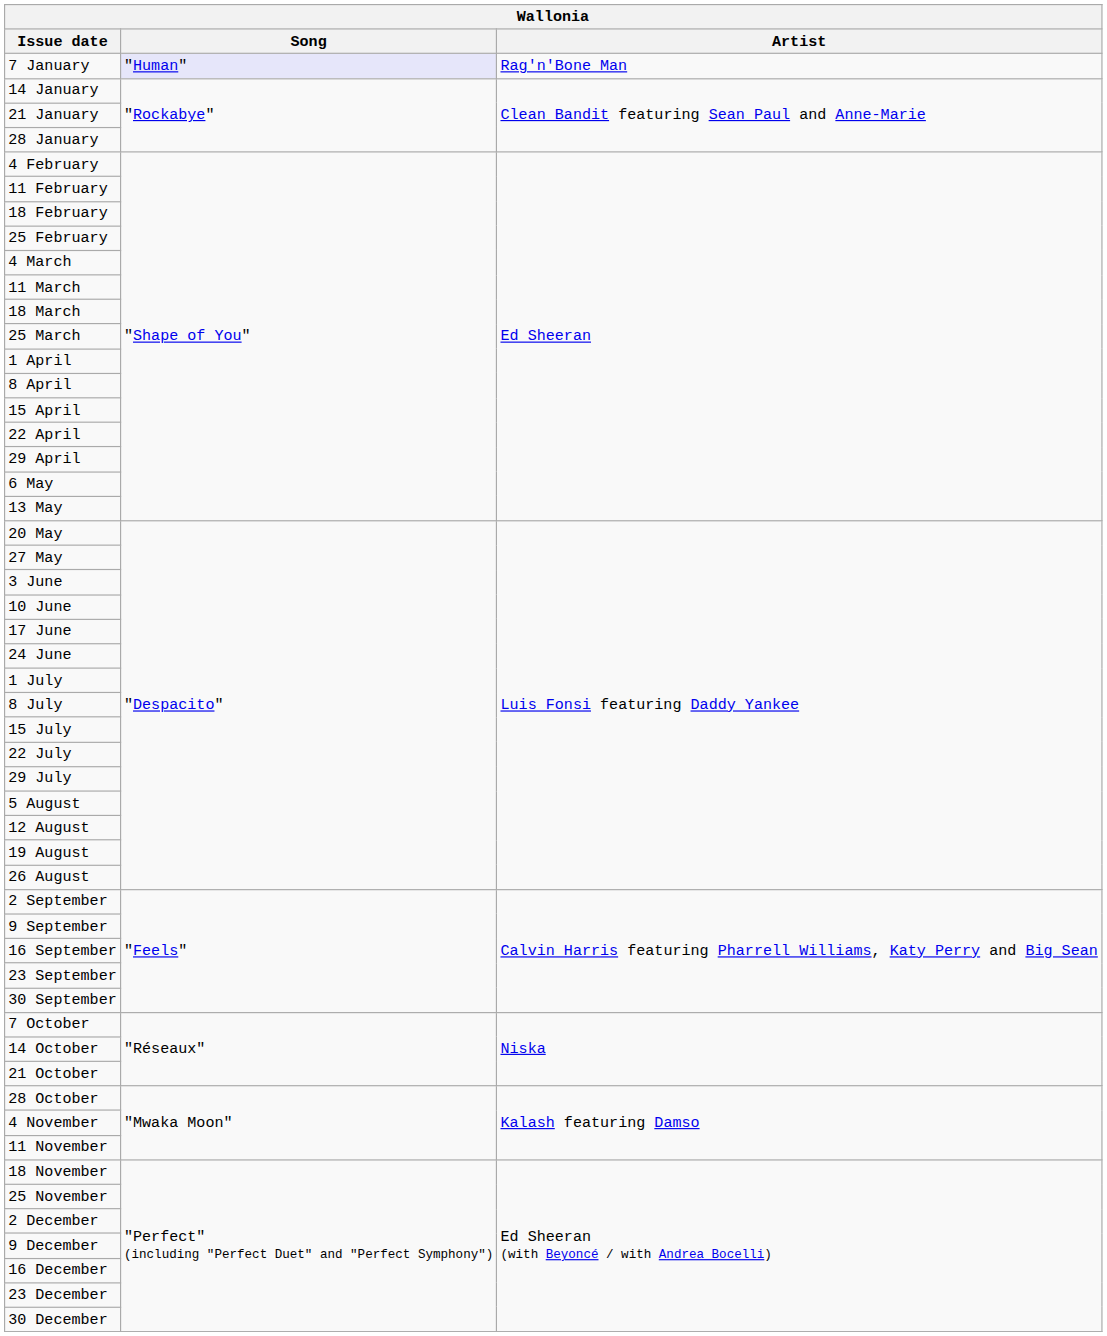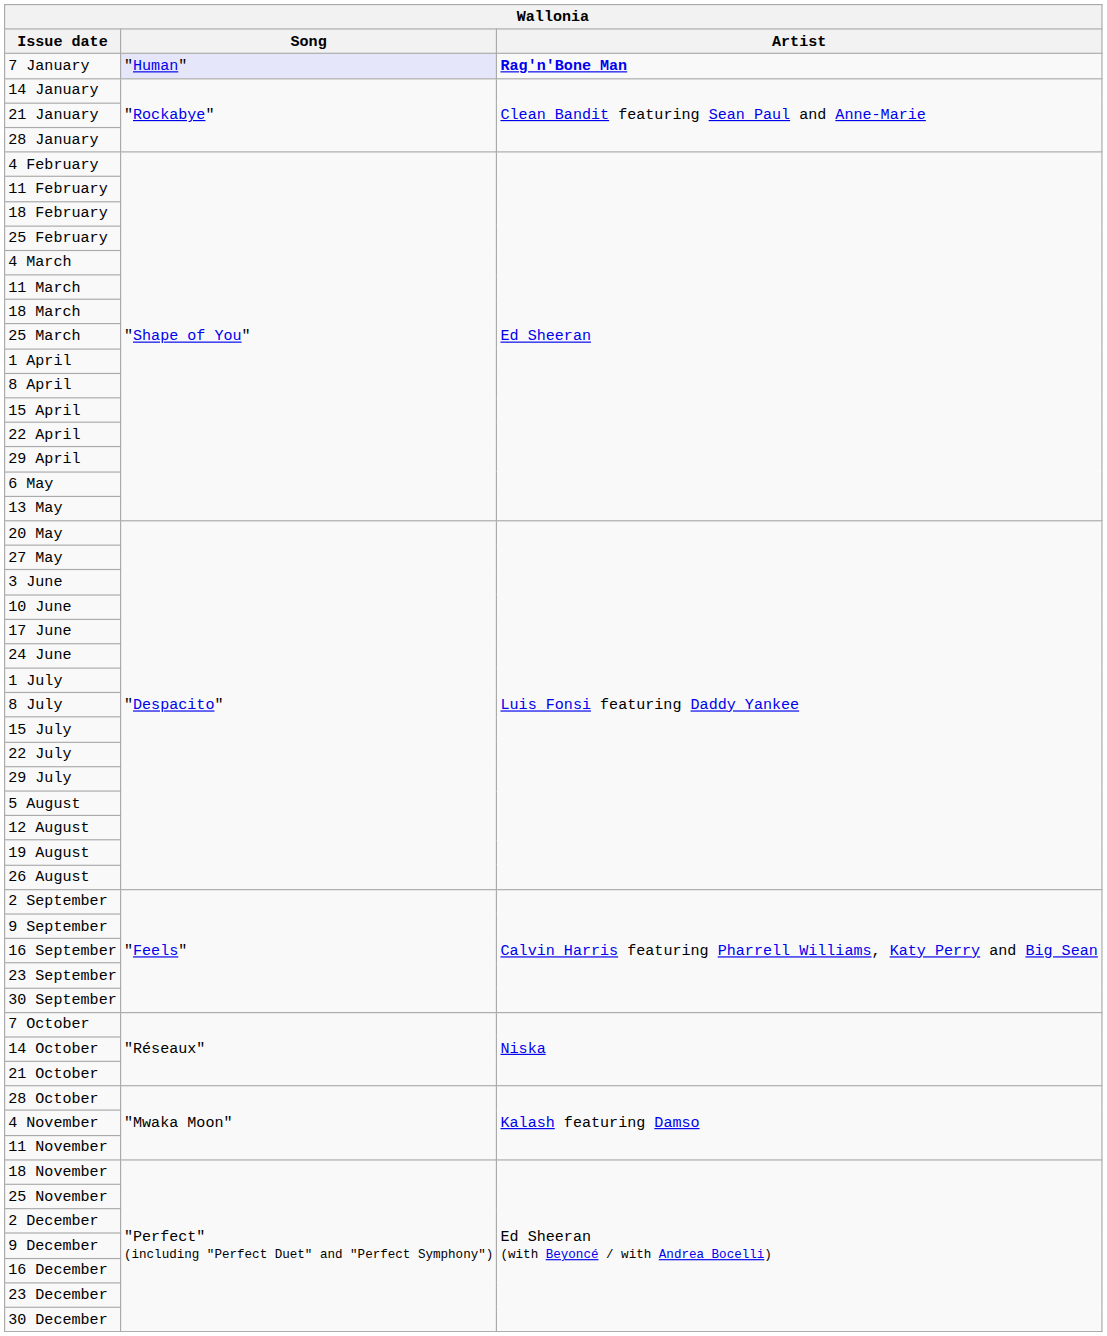 <table class="wikitable">
 <tr>
 <th colspan="4">Wallonia</th>
 </tr>
 <tr>
 <th>Issue date</th>
 <th>Song</th>
 <th>Artist</th>
 </tr>
 <tr>
 <td>7 January</td>
 <td style="background: lavender;">"<a href='#'>Human</a>"</td>
-<td><a href='#'>Rag'n'Bone Man</a></td>
+<td><strong><a href='#'>Rag'n'Bone Man</a></strong></td>
 </tr>
 <tr>
 <td>14 January</td>
 <td rowspan="3">"<a href='#'>Rockabye</a>"</td>
 <td rowspan="3"><a href='#'>Clean Bandit</a> featuring <a href='#'>Sean Paul</a> and <a href='#'>Anne-Marie</a></td>
 </tr>
 <tr>
 <td>21 January</td>
 </tr>
 <tr>
 <td>28 January</td>
 </tr>
 <tr>
 <td>4 February</td>
 <td rowspan="15">"<a href='#'>Shape of You</a>"</td>
 <td rowspan="15"><a href='#'>Ed Sheeran</a></td>
 </tr>
 <tr>
 <td>11 February</td>
 </tr>
 <tr>
 <td>18 February</td>
 </tr>
 <tr>
 <td>25 February</td>
 </tr>
 <tr>
 <td>4 March</td>
 </tr>
 <tr>
 <td>11 March</td>
 </tr>
 <tr>
 <td>18 March</td>
 </tr>
 <tr>
 <td>25 March</td>
 </tr>
 <tr>
 <td>1 April</td>
 </tr>
 <tr>
 <td>8 April</td>
 </tr>
 <tr>
 <td>15 April</td>
 </tr>
 <tr>
 <td>22 April</td>
 </tr>
 <tr>
 <td>29 April</td>
 </tr>
 <tr>
 <td>6 May</td>
 </tr>
 <tr>
 <td>13 May</td>
 </tr>
 <tr>
 <td>20 May</td>
 <td rowspan="15">"<a href='#'>Despacito</a>"</td>
 <td rowspan="15"><a href='#'>Luis Fonsi</a> featuring <a href='#'>Daddy Yankee</a></td>
 </tr>
 <tr>
 <td>27 May</td>
 </tr>
 <tr>
 <td>3 June</td>
 </tr>
 <tr>
 <td>10 June</td>
 </tr>
 <tr>
 <td>17 June</td>
 </tr>
 <tr>
 <td>24 June</td>
 </tr>
 <tr>
 <td>1 July</td>
 </tr>
 <tr>
 <td>8 July</td>
 </tr>
 <tr>
 <td>15 July</td>
 </tr>
 <tr>
 <td>22 July</td>
 </tr>
 <tr>
 <td>29 July</td>
 </tr>
 <tr>
 <td>5 August</td>
 </tr>
 <tr>
 <td>12 August</td>
 </tr>
 <tr>
 <td>19 August</td>
 </tr>
 <tr>
 <td>26 August</td>
 </tr>
 <tr>
 <td>2 September</td>
 <td rowspan="5">"<a href='#'>Feels</a>"</td>
 <td rowspan="5"><a href='#'>Calvin Harris</a> featuring <a href='#'>Pharrell Williams</a>, <a href='#'>Katy Perry</a> and <a href='#'>Big Sean</a></td>
 </tr>
 <tr>
 <td>9 September</td>
 </tr>
 <tr>
 <td>16 September</td>
 </tr>
 <tr>
 <td>23 September</td>
 </tr>
 <tr>
 <td>30 September</td>
 </tr>
 <tr>
 <td>7 October</td>
 <td rowspan="3">"Réseaux"</td>
 <td rowspan="3"><a href='#'>Niska</a></td>
 </tr>
 <tr>
 <td>14 October</td>
 </tr>
 <tr>
 <td>21 October</td>
 </tr>
 <tr>
 <td>28 October</td>
 <td rowspan="3">"Mwaka Moon"</td>
 <td rowspan="3"><a href='#'>Kalash</a> featuring <a href='#'>Damso</a></td>
 </tr>
 <tr>
 <td>4 November</td>
 </tr>
 <tr>
 <td>11 November</td>
 </tr>
 <tr>
 <td>18 November</td>
 <td rowspan="7">"Perfect"<br><small>(including "Perfect Duet" and "Perfect Symphony")</small></td>
 <td rowspan="7">Ed Sheeran<br><small>(with <a href='#'>Beyoncé</a> / with <a href='#'>Andrea Bocelli</a>)</small></td>
 </tr>
 <tr>
 <td>25 November</td>
 </tr>
 <tr>
 <td>2 December</td>
 </tr>
 <tr>
 <td>9 December</td>
 </tr>
 <tr>
 <td>16 December</td>
 </tr>
 <tr>
 <td>23 December</td>
 </tr>
 <tr>
 <td>30 December</td>
 </tr>
 </table>
